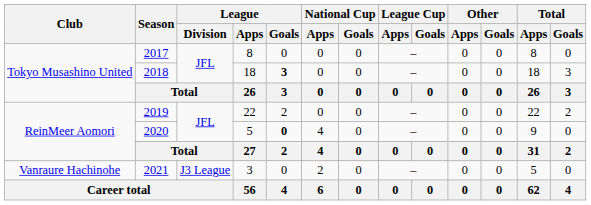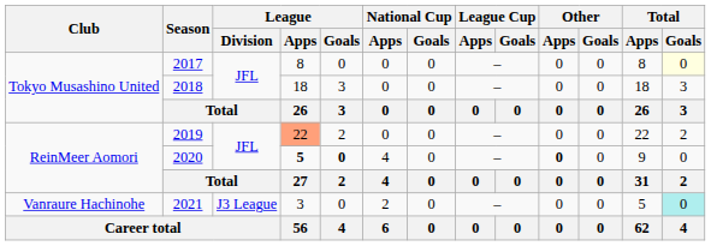 <table class="wikitable" style="text-align: center">
 <tr>
 <th rowspan="2">Club</th>
 <th rowspan="2">Season</th>
 <th colspan="3">League</th>
 <th colspan="2">National Cup</th>
 <th colspan="2">League Cup</th>
 <th colspan="2">Other</th>
 <th colspan="2">Total</th>
 </tr>
 <tr>
 <th>Division</th>
 <th>Apps</th>
 <th>Goals</th>
 <th>Apps</th>
 <th>Goals</th>
 <th>Apps</th>
 <th>Goals</th>
 <th>Apps</th>
 <th>Goals</th>
 <th>Apps</th>
 <th>Goals</th>
 </tr>
 <tr>
 <td rowspan="3"><a href='#'>Tokyo Musashino United</a></td>
 <td><a href='#'>2017</a></td>
 <td rowspan="2"><a href='#'>JFL</a></td>
 <td>8</td>
 <td>0</td>
 <td>0</td>
 <td>0</td>
 <td colspan="2">–</td>
 <td>0</td>
 <td>0</td>
 <td>8</td>
-<td>0</td>
+<td style="background: lightyellow;">0</td>
 </tr>
 <tr>
 <td><a href='#'>2018</a></td>
 <td>18</td>
-<td><strong>3</strong></td>
+<td>3</td>
 <td>0</td>
 <td>0</td>
 <td colspan="2">–</td>
 <td>0</td>
 <td>0</td>
 <td>18</td>
 <td>3</td>
 </tr>
 <tr>
 <th colspan=2>Total</th>
 <th>26</th>
 <th>3</th>
 <th>0</th>
 <th>0</th>
 <th>0</th>
 <th>0</th>
 <th>0</th>
 <th>0</th>
 <th>26</th>
 <th>3</th>
 </tr>
 <tr>
 <td rowspan="3"><a href='#'>ReinMeer Aomori</a></td>
 <td><a href='#'>2019</a></td>
 <td rowspan="2"><a href='#'>JFL</a></td>
-<td>22</td>
+<td style="background: lightsalmon;">22</td>
 <td>2</td>
 <td>0</td>
 <td>0</td>
 <td colspan="2">–</td>
 <td>0</td>
 <td>0</td>
 <td>22</td>
 <td>2</td>
 </tr>
 <tr>
 <td><a href='#'>2020</a></td>
-<td>5</td>
+<td><strong>5</strong></td>
 <td><strong>0</strong></td>
 <td>4</td>
 <td>0</td>
 <td colspan="2">–</td>
-<td>0</td>
+<td><strong>0</strong></td>
 <td>0</td>
 <td>9</td>
 <td>0</td>
 </tr>
 <tr>
 <th colspan=2>Total</th>
 <th>27</th>
 <th>2</th>
 <th>4</th>
 <th>0</th>
 <th>0</th>
 <th>0</th>
 <th>0</th>
 <th>0</th>
 <th>31</th>
 <th>2</th>
 </tr>
 <tr>
 <td><a href='#'>Vanraure Hachinohe</a></td>
 <td><a href='#'>2021</a></td>
 <td><a href='#'>J3 League</a></td>
 <td>3</td>
 <td>0</td>
 <td>2</td>
 <td>0</td>
 <td colspan="2">–</td>
 <td>0</td>
 <td>0</td>
 <td>5</td>
-<td>0</td>
+<td style="background: paleturquoise;">0</td>
 </tr>
 <tr>
 <th colspan=3>Career total</th>
 <th>56</th>
 <th>4</th>
 <th>6</th>
 <th>0</th>
 <th>0</th>
 <th>0</th>
 <th>0</th>
 <th>0</th>
 <th>62</th>
 <th>4</th>
 </tr>
 </table>
